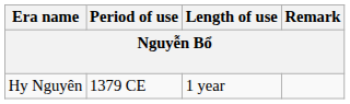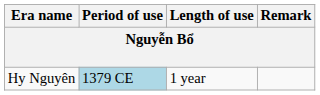 <table class="wikitable">
 <tr>
 <th>Era name</th>
 <th>Period of use</th>
 <th>Length of use</th>
 <th>Remark</th>
 </tr>
 <tr>
 <th colspan="4">Nguyễn Bổ<br><br></th>
 </tr>
 <tr>
 <td>Hy Nguyên<br></td>
-<td>1379 CE</td>
+<td style="background: lightblue;">1379 CE</td>
 <td>1 year</td>
 <td></td>
 </tr>
 </table>
